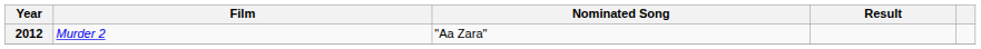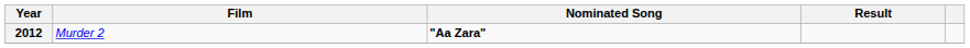 <table class="wikitable plainrowheaders" width="100%" textcolor:#000;">
 <tr>
 <th scope="col" width=5%><strong>Year</strong></th>
 <th scope="col" width=39%><strong>Film</strong></th>
 <th scope="col" width=39%><strong>Nominated Song</strong></th>
 <th scope="col" width=15%><strong>Result</strong></th>
 <th scope="col" width=2%><strong></strong></th>
 </tr>
 <tr>
 <th scope="row">2012</th>
 <td><em><a href='#'>Murder 2</a></em></td>
-<td>"Aa Zara"</td>
+<td><strong>"Aa Zara"</strong></td>
 <td></td>
 <td style="text-align:center;"></td>
 </tr>
 <tr>
 </tr>
 </table>
